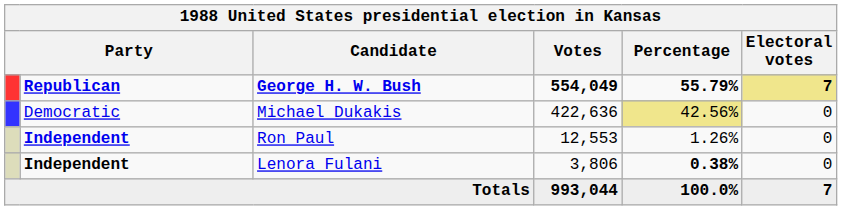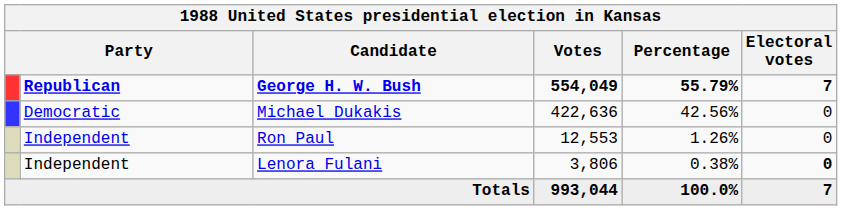 <table class="wikitable" style="font-size: 95%;">
 <tr>
 <th colspan="6">1988 United States presidential election in Kansas</th>
 </tr>
 <tr>
 <th colspan="2" style="width: 15em">Party</th>
 <th style="width: 17em">Candidate</th>
 <th style="width: 5em">Votes</th>
 <th style="width: 7em">Percentage</th>
 <th style="width: 5em">Electoral votes</th>
 </tr>
 <tr>
 <th style="background:#f33; width:3px;"></th>
 <td style="width: 130px"><strong><a href='#'>Republican</a></strong></td>
 <td><strong><a href='#'>George H. W. Bush</a></strong></td>
 <td style="text-align:right;"><strong>554,049</strong></td>
 <td style="text-align:right;"><strong>55.79%</strong></td>
-<td style="background: khaki; text-align:right;"><strong>7</strong></td>
+<td style="text-align:right;"><strong>7</strong></td>
 </tr>
 <tr>
 <th style="background:#33f; width:3px;"></th>
 <td style="width: 130px"><a href='#'>Democratic</a></td>
 <td><a href='#'>Michael Dukakis</a></td>
 <td style="text-align:right;">422,636</td>
-<td style="background: khaki; text-align:right;">42.56%</td>
+<td style="text-align:right;">42.56%</td>
 <td style="text-align:right;">0</td>
 </tr>
 <tr>
 <th style="background:#DDDDBB; width:3px;"></th>
-<td style="width: 130px"><strong><a href='#'>Independent</a></strong></td>
+<td style="width: 130px"><a href='#'>Independent</a></td>
 <td><a href='#'>Ron Paul</a></td>
 <td style="text-align:right;">12,553</td>
 <td style="text-align:right;">1.26%</td>
 <td style="text-align:right;">0</td>
 </tr>
 <tr>
 <th style="background:#DDDDBB; width:3px;"></th>
-<td style="width: 130px"><strong>Independent</strong></td>
+<td style="width: 130px">Independent</td>
 <td><a href='#'>Lenora Fulani</a></td>
 <td style="text-align:right;">3,806</td>
-<td style="text-align:right;"><strong>0.38%</strong></td>
-<td style="text-align:right;">0</td>
+<td style="text-align:right;">0.38%</td>
+<td style="text-align:right;"><strong>0</strong></td>
 </tr>
 <tr style="background:#eee; text-align:right;">
 <td colspan="3"><strong>Totals</strong></td>
 <td><strong>993,044</strong></td>
 <td><strong>100.0%</strong></td>
 <td><strong>7</strong></td>
 </tr>
 </table>
